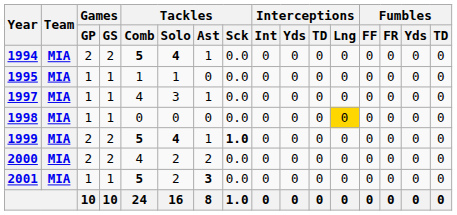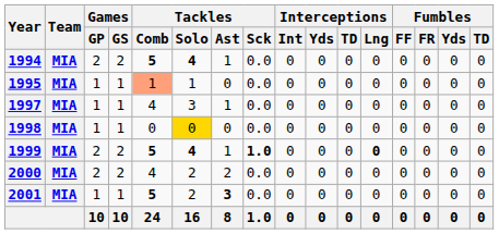 <table class="wikitable" style="text-align:center">
 <tr>
 <th rowspan="2">Year</th>
 <th rowspan="2">Team</th>
 <th colspan="2">Games</th>
 <th colspan="4">Tackles</th>
 <th colspan="4">Interceptions</th>
 <th colspan="4">Fumbles</th>
 </tr>
 <tr>
 <th>GP</th>
 <th>GS</th>
 <th>Comb</th>
 <th>Solo</th>
 <th>Ast</th>
 <th>Sck</th>
 <th>Int</th>
 <th>Yds</th>
 <th>TD</th>
 <th>Lng</th>
 <th>FF</th>
 <th>FR</th>
 <th>Yds</th>
 <th>TD</th>
 </tr>
 <tr>
 <th><a href='#'>1994</a></th>
 <th><a href='#'>MIA</a></th>
 <td>2</td>
 <td>2</td>
 <td><strong>5</strong></td>
 <td><strong>4</strong></td>
 <td>1</td>
 <td>0.0</td>
 <td>0</td>
 <td>0</td>
 <td>0</td>
 <td>0</td>
 <td>0</td>
 <td>0</td>
 <td>0</td>
 <td>0</td>
 </tr>
 <tr>
 <th><a href='#'>1995</a></th>
 <th><a href='#'>MIA</a></th>
 <td>1</td>
 <td>1</td>
-<td>1</td>
+<td style="background: lightsalmon;">1</td>
 <td>1</td>
 <td>0</td>
 <td>0.0</td>
 <td>0</td>
 <td>0</td>
 <td>0</td>
 <td>0</td>
 <td>0</td>
 <td>0</td>
 <td>0</td>
 <td>0</td>
 </tr>
 <tr>
 <th><a href='#'>1997</a></th>
 <th><a href='#'>MIA</a></th>
 <td>1</td>
 <td>1</td>
 <td>4</td>
 <td>3</td>
 <td>1</td>
 <td>0.0</td>
 <td>0</td>
 <td>0</td>
 <td>0</td>
 <td>0</td>
 <td>0</td>
 <td>0</td>
 <td>0</td>
 <td>0</td>
 </tr>
 <tr>
 <th><a href='#'>1998</a></th>
 <th><a href='#'>MIA</a></th>
 <td>1</td>
 <td>1</td>
 <td>0</td>
-<td>0</td>
+<td style="background: gold;">0</td>
 <td>0</td>
 <td>0.0</td>
 <td>0</td>
 <td>0</td>
 <td>0</td>
-<td style="background: gold;">0</td>
+<td>0</td>
 <td>0</td>
 <td>0</td>
 <td>0</td>
 <td>0</td>
 </tr>
 <tr>
 <th><a href='#'>1999</a></th>
 <th><a href='#'>MIA</a></th>
 <td>2</td>
 <td>2</td>
 <td><strong>5</strong></td>
 <td><strong>4</strong></td>
 <td>1</td>
 <td><strong>1.0</strong></td>
 <td>0</td>
 <td>0</td>
 <td>0</td>
-<td>0</td>
+<td><strong>0</strong></td>
 <td>0</td>
 <td>0</td>
 <td>0</td>
 <td>0</td>
 </tr>
 <tr>
 <th><a href='#'>2000</a></th>
 <th><a href='#'>MIA</a></th>
 <td>2</td>
 <td>2</td>
 <td>4</td>
 <td>2</td>
 <td>2</td>
 <td>0.0</td>
 <td>0</td>
 <td>0</td>
 <td>0</td>
 <td>0</td>
 <td>0</td>
 <td>0</td>
 <td>0</td>
 <td>0</td>
 </tr>
 <tr>
 <th><a href='#'>2001</a></th>
 <th><a href='#'>MIA</a></th>
 <td>1</td>
 <td>1</td>
 <td><strong>5</strong></td>
 <td>2</td>
 <td><strong>3</strong></td>
 <td>0.0</td>
 <td>0</td>
 <td>0</td>
 <td>0</td>
 <td>0</td>
 <td>0</td>
 <td>0</td>
 <td>0</td>
 <td>0</td>
 </tr>
 <tr>
 <th colspan="2"></th>
 <th>10</th>
 <th>10</th>
 <th>24</th>
 <th>16</th>
 <th>8</th>
 <th>1.0</th>
 <th>0</th>
 <th>0</th>
 <th>0</th>
 <th>0</th>
 <th>0</th>
 <th>0</th>
 <th>0</th>
 <th>0</th>
 </tr>
 </table>
